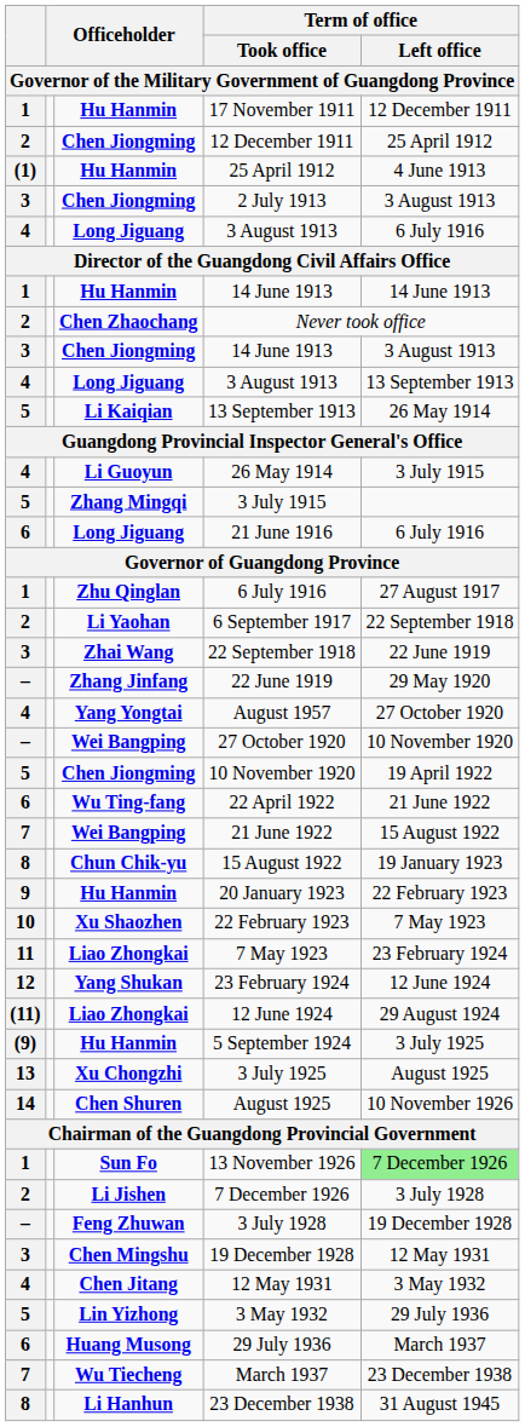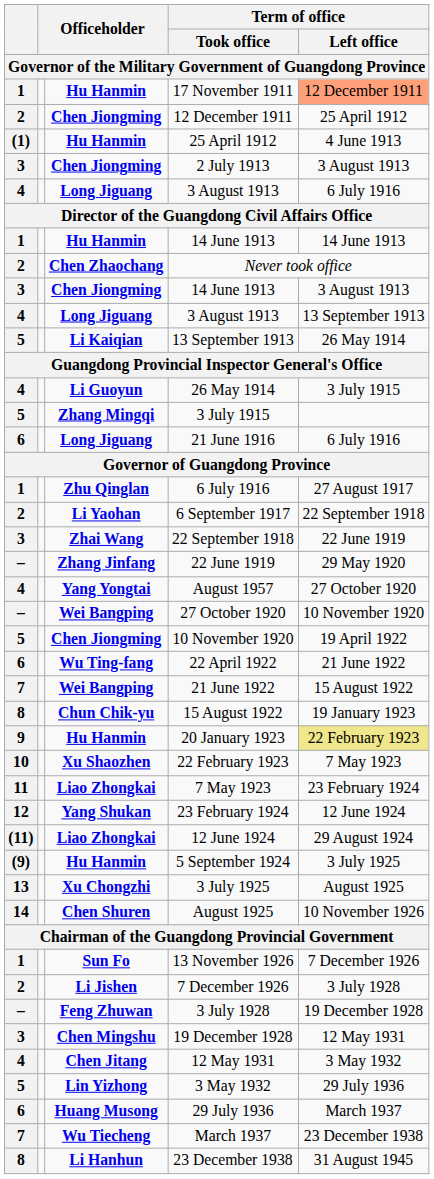 <table class="wikitable" style="text-align:center">
 <tr>
 <th rowspan="2"></th>
 <th colspan="2" rowspan="2">Officeholder</th>
 <th colspan="2">Term of office</th>
 </tr>
 <tr>
 <th>Took office</th>
 <th>Left office</th>
 </tr>
 <tr>
 <th colspan="5"><strong>Governor of the Military Government of Guangdong Province</strong></th>
 </tr>
 <tr>
 <th>1</th>
 <td></td>
 <td><strong><a href='#'>Hu Hanmin</a></strong><br></td>
 <td>17 November 1911</td>
-<td>12 December 1911</td>
+<td style="background: lightsalmon;">12 December 1911</td>
 </tr>
 <tr>
 <th>2</th>
 <td></td>
 <td><strong><a href='#'>Chen Jiongming</a></strong><br></td>
 <td>12 December 1911</td>
 <td>25 April 1912</td>
 </tr>
 <tr>
 <th>(1)</th>
 <td></td>
 <td><strong><a href='#'>Hu Hanmin</a></strong><br></td>
 <td>25 April 1912</td>
 <td>4 June 1913</td>
 </tr>
 <tr>
 <th>3</th>
 <td></td>
 <td><strong><a href='#'>Chen Jiongming</a></strong><br></td>
 <td>2 July 1913</td>
 <td>3 August 1913</td>
 </tr>
 <tr>
 <th>4</th>
 <td></td>
 <td><strong><a href='#'>Long Jiguang</a></strong><br></td>
 <td>3 August 1913</td>
 <td>6 July 1916</td>
 </tr>
 <tr>
 <th colspan="5"><strong>Director of the Guangdong Civil Affairs Office</strong></th>
 </tr>
 <tr>
 <th>1</th>
 <td></td>
 <td><strong><a href='#'>Hu Hanmin</a></strong><br></td>
 <td>14 June 1913</td>
 <td>14 June 1913</td>
 </tr>
 <tr>
 <th>2</th>
 <td></td>
 <td><strong><a href='#'>Chen Zhaochang</a></strong><br></td>
 <td colspan="2"><em>Never took office</em></td>
 </tr>
 <tr>
 <th>3</th>
 <td></td>
 <td><strong><a href='#'>Chen Jiongming</a></strong><br></td>
 <td>14 June 1913</td>
 <td>3 August 1913</td>
 </tr>
 <tr>
 <th>4</th>
 <td></td>
 <td><strong><a href='#'>Long Jiguang</a></strong><br></td>
 <td>3 August 1913</td>
 <td>13 September 1913</td>
 </tr>
 <tr>
 <th>5</th>
 <td></td>
 <td><strong><a href='#'>Li Kaiqian</a></strong><br></td>
 <td>13 September 1913</td>
 <td>26 May 1914</td>
 </tr>
 <tr>
 <th colspan="5">Guangdong Provincial Inspector General's Office</th>
 </tr>
 <tr>
 <th>4</th>
 <td></td>
 <td><strong><a href='#'>Li Guoyun</a></strong><br></td>
 <td>26 May 1914</td>
 <td>3 July 1915</td>
 </tr>
 <tr>
 <th>5</th>
 <td></td>
 <td><strong><a href='#'>Zhang Mingqi</a></strong><br></td>
 <td>3 July 1915</td>
 <td></td>
 </tr>
 <tr>
 <th>6</th>
 <td></td>
 <td><strong><a href='#'>Long Jiguang</a></strong><br></td>
 <td>21 June 1916</td>
 <td>6 July 1916</td>
 </tr>
 <tr>
 <th colspan="5"><strong>Governor of Guangdong Province</strong></th>
 </tr>
 <tr>
 <th>1</th>
 <td></td>
 <td><strong><a href='#'>Zhu Qinglan</a></strong><br></td>
 <td>6 July 1916</td>
 <td>27 August 1917</td>
 </tr>
 <tr>
 <th>2</th>
 <td></td>
 <td><strong><a href='#'>Li Yaohan</a></strong><br></td>
 <td>6 September 1917</td>
 <td>22 September 1918</td>
 </tr>
 <tr>
 <th>3</th>
 <td></td>
 <td><strong><a href='#'>Zhai Wang</a></strong><br></td>
 <td>22 September 1918</td>
 <td>22 June 1919</td>
 </tr>
 <tr>
 <th>–</th>
 <td></td>
 <td><strong><a href='#'>Zhang Jinfang</a></strong><br></td>
 <td>22 June 1919</td>
 <td>29 May 1920</td>
 </tr>
 <tr>
 <th>4</th>
 <td></td>
 <td><strong><a href='#'>Yang Yongtai</a></strong><br></td>
 <td>August 1957</td>
 <td>27 October 1920</td>
 </tr>
 <tr>
 <th>–</th>
 <td></td>
 <td><strong><a href='#'>Wei Bangping</a></strong><br></td>
 <td>27 October 1920</td>
 <td>10 November 1920</td>
 </tr>
 <tr>
 <th>5</th>
 <td></td>
 <td><strong><a href='#'>Chen Jiongming</a></strong><br></td>
 <td>10 November 1920</td>
 <td>19 April 1922</td>
 </tr>
 <tr>
 <th>6</th>
 <td></td>
 <td><strong><a href='#'>Wu Ting-fang</a></strong><br></td>
 <td>22 April 1922</td>
 <td>21 June 1922</td>
 </tr>
 <tr>
 <th>7</th>
 <td></td>
 <td><strong><a href='#'>Wei Bangping</a></strong><br></td>
 <td>21 June 1922</td>
 <td>15 August 1922</td>
 </tr>
 <tr>
 <th>8</th>
 <td></td>
 <td><strong><a href='#'>Chun Chik-yu</a></strong><br></td>
 <td>15 August 1922</td>
 <td>19 January 1923</td>
 </tr>
 <tr>
 <th>9</th>
 <td></td>
 <td><strong><a href='#'>Hu Hanmin</a></strong><br></td>
 <td>20 January 1923</td>
-<td>22 February 1923</td>
+<td style="background: khaki;">22 February 1923</td>
 </tr>
 <tr>
 <th>10</th>
 <td></td>
 <td><strong><a href='#'>Xu Shaozhen</a></strong><br></td>
 <td>22 February 1923</td>
 <td>7 May 1923</td>
 </tr>
 <tr>
 <th>11</th>
 <td></td>
 <td><strong><a href='#'>Liao Zhongkai</a></strong><br></td>
 <td>7 May 1923</td>
 <td>23 February 1924</td>
 </tr>
 <tr>
 <th>12</th>
 <td></td>
 <td><strong><a href='#'>Yang Shukan</a></strong><br></td>
 <td>23 February 1924</td>
 <td>12 June 1924</td>
 </tr>
 <tr>
 <th>(11)</th>
 <td></td>
 <td><strong><a href='#'>Liao Zhongkai</a></strong><br></td>
 <td>12 June 1924</td>
 <td>29 August 1924</td>
 </tr>
 <tr>
 <th>(9)</th>
 <td></td>
 <td><strong><a href='#'>Hu Hanmin</a></strong><br></td>
 <td>5 September 1924</td>
 <td>3 July 1925</td>
 </tr>
 <tr>
 <th>13</th>
 <td></td>
 <td><strong><a href='#'>Xu Chongzhi</a></strong><br></td>
 <td>3 July 1925</td>
 <td>August 1925</td>
 </tr>
 <tr>
 <th>14</th>
 <td></td>
 <td><strong><a href='#'>Chen Shuren</a></strong><br></td>
 <td>August 1925</td>
 <td>10 November 1926</td>
 </tr>
 <tr>
 <th colspan="5"><strong>Chairman of the Guangdong Provincial Government</strong></th>
 </tr>
 <tr>
 <th>1</th>
 <td></td>
 <td><strong><a href='#'>Sun Fo</a></strong><br></td>
 <td>13 November 1926</td>
-<td style="background: lightgreen;">7 December 1926</td>
+<td>7 December 1926</td>
 </tr>
 <tr>
 <th>2</th>
 <td></td>
 <td><strong><a href='#'>Li Jishen</a></strong><br></td>
 <td>7 December 1926</td>
 <td>3 July 1928</td>
 </tr>
 <tr>
 <th>–</th>
 <td></td>
 <td><strong><a href='#'>Feng Zhuwan</a></strong><br></td>
 <td>3 July 1928</td>
 <td>19 December 1928</td>
 </tr>
 <tr>
 <th>3</th>
 <td></td>
 <td><strong><a href='#'>Chen Mingshu</a></strong><br></td>
 <td>19 December 1928</td>
 <td>12 May 1931</td>
 </tr>
 <tr>
 <th>4</th>
 <td></td>
 <td><strong><a href='#'>Chen Jitang</a></strong><br></td>
 <td>12 May 1931</td>
 <td>3 May 1932</td>
 </tr>
 <tr>
 <th>5</th>
 <td></td>
 <td><strong><a href='#'>Lin Yizhong</a></strong><br></td>
 <td>3 May 1932</td>
 <td>29 July 1936</td>
 </tr>
 <tr>
 <th>6</th>
 <td></td>
 <td><strong><a href='#'>Huang Musong</a></strong><br></td>
 <td>29 July 1936</td>
 <td>March 1937</td>
 </tr>
 <tr>
 <th>7</th>
 <td></td>
 <td><strong><a href='#'>Wu Tiecheng</a></strong><br></td>
 <td>March 1937</td>
 <td>23 December 1938</td>
 </tr>
 <tr>
 <th>8</th>
 <td></td>
 <td><strong><a href='#'>Li Hanhun</a></strong><br></td>
 <td>23 December 1938</td>
 <td>31 August 1945</td>
 </tr>
 </table>
